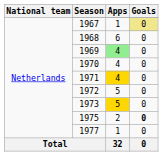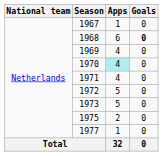 <table class="wikitable" style="text-align:center">
 <tr>
 <th>National team</th>
 <th>Season</th>
 <th>Apps</th>
 <th>Goals</th>
 </tr>
 <tr>
 <td rowspan="10"><a href='#'>Netherlands</a></td>
 </tr>
 <tr>
 <td>1967</td>
 <td>1</td>
-<td style="background: khaki;">0</td>
+<td>0</td>
 </tr>
 <tr>
 <td>1968</td>
 <td>6</td>
-<td>0</td>
+<td><strong>0</strong></td>
 </tr>
 <tr>
 <td>1969</td>
-<td style="background: lightgreen;">4</td>
+<td>4</td>
 <td>0</td>
 </tr>
 <tr>
 <td>1970</td>
-<td>4</td>
+<td style="background: paleturquoise;">4</td>
 <td>0</td>
 </tr>
 <tr>
 <td>1971</td>
-<td style="background: gold;">4</td>
+<td>4</td>
 <td>0</td>
 </tr>
 <tr>
 <td>1972</td>
 <td>5</td>
 <td>0</td>
 </tr>
 <tr>
 <td>1973</td>
-<td style="background: gold;">5</td>
+<td>5</td>
 <td>0</td>
 </tr>
 <tr>
 <td>1975</td>
 <td>2</td>
-<td><strong>0</strong></td>
+<td>0</td>
 </tr>
 <tr>
 <td>1977</td>
 <td>1</td>
 <td>0</td>
 </tr>
 <tr>
 <th colspan=2>Total</th>
 <th>32</th>
 <th>0</th>
 </tr>
 </table>
